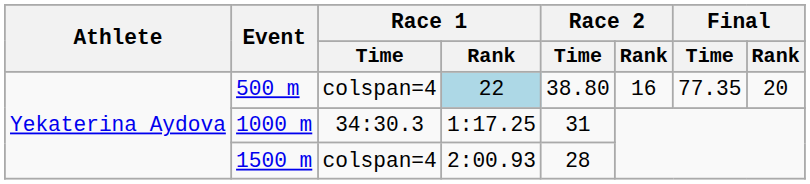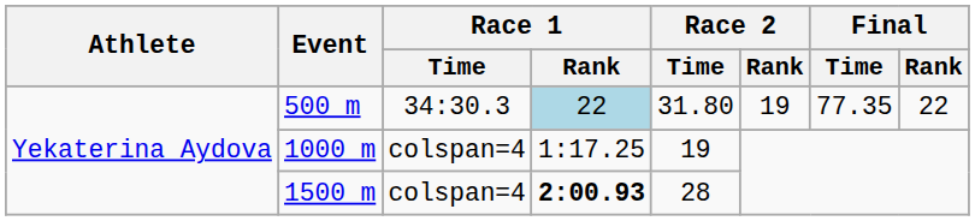 <table class="wikitable" style="font-size:90%">
 <tr>
 <th rowspan=2>Athlete</th>
 <th rowspan=2>Event</th>
 <th colspan=2>Race 1</th>
 <th colspan=2>Race 2</th>
 <th colspan=3>Final</th>
 </tr>
 <tr style="font-size:95%">
 <th>Time</th>
 <th>Rank</th>
 <th>Time</th>
 <th>Rank</th>
 <th>Time</th>
 <th>Rank</th>
 </tr>
 <tr align=center>
 <td align=left rowspan=3><a href='#'>Yekaterina Aydova</a></td>
 <td align=left><a href='#'>500 m</a></td>
-<td>colspan=4 </td>
+<td>34:30.3</td>
 <td style="background: lightblue;">22</td>
-<td>38.80</td>
-<td>16</td>
+<td>31.80</td>
+<td>19</td>
 <td>77.35</td>
-<td>20</td>
+<td>22</td>
 </tr>
 <tr align=center>
 <td align=left><a href='#'>1000 m</a></td>
-<td>34:30.3</td>
+<td>colspan=4 </td>
 <td>1:17.25</td>
-<td>31</td>
+<td>19</td>
 </tr>
 <tr align=center>
 <td align=left><a href='#'>1500 m</a></td>
 <td>colspan=4 </td>
-<td>2:00.93</td>
+<td><strong>2:00.93</strong></td>
 <td>28</td>
 </tr>
 </table>
